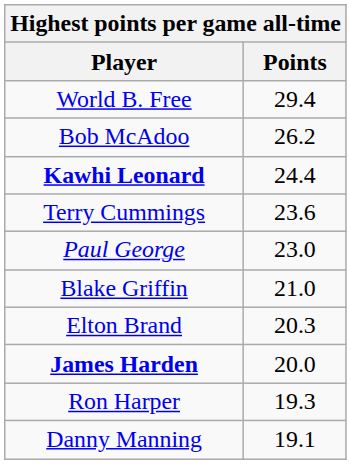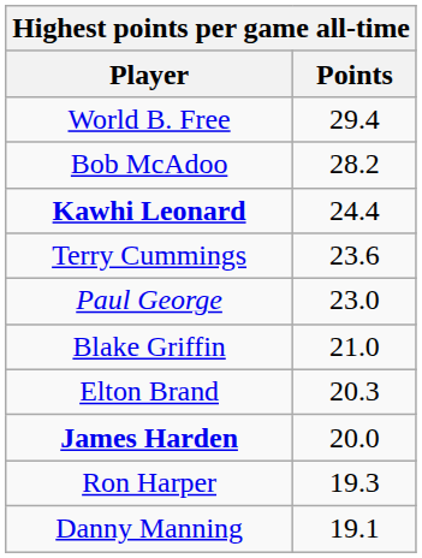 <table class="wikitable sortable" style="text-align:center">
 <tr>
 <th colspan="2">Highest points per game all-time</th>
 </tr>
 <tr>
 <th>Player</th>
 <th>Points</th>
 </tr>
 <tr>
 <td><a href='#'>World B. Free</a></td>
 <td>29.4</td>
 </tr>
 <tr>
 <td><a href='#'>Bob McAdoo</a></td>
-<td>26.2</td>
+<td>28.2</td>
 </tr>
 <tr>
 <td><strong><a href='#'>Kawhi Leonard</a></strong></td>
 <td>24.4</td>
 </tr>
 <tr>
 <td><a href='#'>Terry Cummings</a></td>
 <td>23.6</td>
 </tr>
 <tr>
 <td><em><a href='#'>Paul George</a></em></td>
 <td>23.0</td>
 </tr>
 <tr>
 <td><a href='#'>Blake Griffin</a></td>
 <td>21.0</td>
 </tr>
 <tr>
 <td><a href='#'>Elton Brand</a></td>
 <td>20.3</td>
 </tr>
 <tr>
 <td><strong><a href='#'>James Harden</a></strong></td>
 <td>20.0</td>
 </tr>
 <tr>
 <td><a href='#'>Ron Harper</a></td>
 <td>19.3</td>
 </tr>
 <tr>
 <td><a href='#'>Danny Manning</a></td>
 <td>19.1</td>
 </tr>
 </table>
